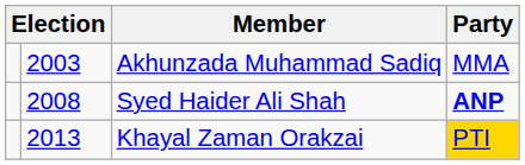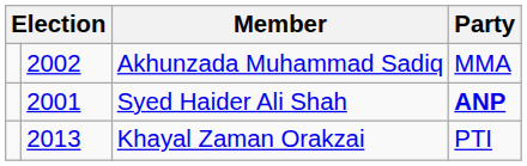 <table class="wikitable">
 <tr>
 <th colspan="2">Election</th>
 <th>Member</th>
 <th>Party</th>
 </tr>
 <tr>
 <td style="background-color: "></td>
-<td><a href='#'>2003</a></td>
+<td><a href='#'>2002</a></td>
 <td><a href='#'>Akhunzada Muhammad Sadiq</a></td>
 <td><a href='#'>MMA</a></td>
 </tr>
 <tr>
 <td style="background-color: "></td>
-<td><a href='#'>2008</a></td>
+<td><a href='#'>2001</a></td>
 <td><a href='#'>Syed Haider Ali Shah</a></td>
 <td><strong><a href='#'>ANP</a></strong></td>
 </tr>
 <tr>
 <td style="background-color: "></td>
 <td><a href='#'>2013</a></td>
 <td><a href='#'>Khayal Zaman Orakzai</a></td>
-<td style="background: gold;"><a href='#'>PTI</a></td>
+<td><a href='#'>PTI</a></td>
 </tr>
 </table>
